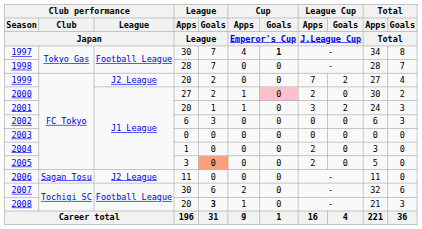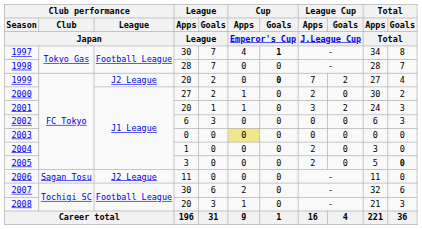 <table class="wikitable" style="text-align:center">
 <tr>
 <th colspan=3>Club performance</th>
 <th colspan=2>League</th>
 <th colspan=2>Cup</th>
 <th colspan=2>League Cup</th>
 <th colspan=2>Total</th>
 </tr>
 <tr>
 <th>Season</th>
 <th>Club</th>
 <th>League</th>
 <th>Apps</th>
 <th>Goals</th>
 <th>Apps</th>
 <th>Goals</th>
 <th>Apps</th>
 <th>Goals</th>
 <th>Apps</th>
 <th>Goals</th>
 </tr>
 <tr>
 <th colspan=3>Japan</th>
 <th colspan=2>League</th>
 <th colspan=2><a href='#'>Emperor's Cup</a></th>
 <th colspan=2><a href='#'>J.League Cup</a></th>
 <th colspan=2>Total</th>
 </tr>
 <tr>
 <td><a href='#'>1997</a></td>
 <td rowspan="2"><a href='#'>Tokyo Gas</a></td>
 <td rowspan="2"><a href='#'>Football League</a></td>
 <td>30</td>
 <td>7</td>
 <td>4</td>
 <td><strong>1</strong></td>
 <td colspan="2">-</td>
 <td>34</td>
 <td>8</td>
 </tr>
 <tr>
 <td><a href='#'>1998</a></td>
 <td>28</td>
 <td>7</td>
 <td>0</td>
 <td>0</td>
 <td colspan="2">-</td>
 <td>28</td>
 <td>7</td>
 </tr>
 <tr>
 <td><a href='#'>1999</a></td>
 <td rowspan="7"><a href='#'>FC Tokyo</a></td>
 <td><a href='#'>J2 League</a></td>
 <td>20</td>
 <td>2</td>
 <td>0</td>
-<td>0</td>
+<td><strong>0</strong></td>
 <td>7</td>
 <td>2</td>
 <td>27</td>
 <td>4</td>
 </tr>
 <tr>
 <td><a href='#'>2000</a></td>
 <td rowspan="6"><a href='#'>J1 League</a></td>
 <td>27</td>
 <td>2</td>
 <td>1</td>
-<td style="background: pink;">0</td>
+<td>0</td>
 <td>2</td>
 <td>0</td>
 <td>30</td>
 <td>2</td>
 </tr>
 <tr>
 <td><a href='#'>2001</a></td>
 <td>20</td>
 <td>1</td>
 <td>1</td>
 <td>0</td>
 <td>3</td>
 <td>2</td>
 <td>24</td>
 <td>3</td>
 </tr>
 <tr>
 <td><a href='#'>2002</a></td>
 <td>6</td>
 <td>3</td>
 <td>0</td>
 <td>0</td>
 <td>0</td>
 <td>0</td>
 <td>6</td>
 <td>3</td>
 </tr>
 <tr>
 <td><a href='#'>2003</a></td>
 <td>0</td>
 <td>0</td>
-<td>0</td>
+<td style="background: khaki;">0</td>
 <td>0</td>
 <td>0</td>
 <td>0</td>
 <td>0</td>
 <td>0</td>
 </tr>
 <tr>
 <td><a href='#'>2004</a></td>
 <td>1</td>
 <td>0</td>
 <td>0</td>
 <td>0</td>
 <td>2</td>
 <td>0</td>
 <td>3</td>
 <td>0</td>
 </tr>
 <tr>
 <td><a href='#'>2005</a></td>
 <td>3</td>
-<td style="background: lightsalmon;">0</td>
+<td>0</td>
 <td>0</td>
 <td>0</td>
 <td>2</td>
 <td>0</td>
 <td>5</td>
-<td>0</td>
+<td><strong>0</strong></td>
 </tr>
 <tr>
 <td><a href='#'>2006</a></td>
 <td><a href='#'>Sagan Tosu</a></td>
 <td><a href='#'>J2 League</a></td>
 <td>11</td>
 <td>0</td>
 <td>0</td>
 <td>0</td>
 <td colspan="2">-</td>
 <td>11</td>
 <td>0</td>
 </tr>
 <tr>
 <td><a href='#'>2007</a></td>
 <td rowspan="2"><a href='#'>Tochigi SC</a></td>
 <td rowspan="2"><a href='#'>Football League</a></td>
 <td>30</td>
 <td>6</td>
 <td>2</td>
 <td>0</td>
 <td colspan="2">-</td>
 <td>32</td>
 <td>6</td>
 </tr>
 <tr>
 <td><a href='#'>2008</a></td>
 <td>20</td>
-<td><strong>3</strong></td>
+<td>3</td>
 <td>1</td>
 <td>0</td>
 <td colspan="2">-</td>
 <td>21</td>
 <td>3</td>
 </tr>
 <tr>
 <th colspan=3>Career total</th>
 <th>196</th>
 <th>31</th>
 <th>9</th>
 <th>1</th>
 <th>16</th>
 <th>4</th>
 <th>221</th>
 <th>36</th>
 </tr>
 </table>
